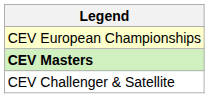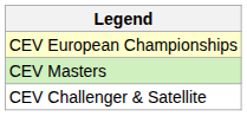 <table class= "wikitable mw-collapsible mw-collapsed" style=font-size:95%>
 <tr>
 <th>Legend</th>
 </tr>
 <tr bgcolor=#ffffcc>
 <td>CEV European Championships</td>
 </tr>
 <tr bgcolor=#d0f0c0>
-<td><strong>CEV Masters</strong></td>
+<td>CEV Masters</td>
 </tr>
 <tr bgcolor=#ffffff>
 <td>CEV Challenger & Satellite</td>
 </tr>
 </table>
